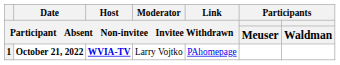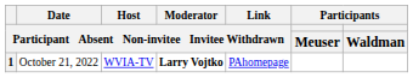 <table class="wikitable" style="text-align:center;">
 <tr style="font-size:small;">
 <th scope="col"></th>
 <th scope="col">Date</th>
 <th scope="col">Host</th>
 <th scope="col">Moderator</th>
 <th scope="col">Link</th>
 <th scope="col" colspan="5">Participants</th>
 </tr>
 <tr>
 <th colspan="5" rowspan="2"> <small>Participant  </small> <small>Absent  </small> <small>Non-invitee  </small> <small>Invitee Withdrawn</small></th>
 <th scope="col" style="background:"></th>
 <th scope="col" style="background:"></th>
 </tr>
 <tr>
 <th scope="col">Meuser</th>
 <th scope="col">Waldman</th>
 </tr>
 <tr style="background:#fff; font-size:small;">
 <th scope="row">1</th>
-<td style="white-space:nowrap;"><strong>October 21, 2022</strong></td>
-<td style="white-space:nowrap;"><strong><a href='#'>WVIA-TV</a></strong></td>
-<td style="white-space:nowrap;">Larry Vojtko</td>
+<td style="white-space:nowrap;">October 21, 2022</td>
+<td style="white-space:nowrap;"><a href='#'>WVIA-TV</a></td>
+<td style="white-space:nowrap;"><strong>Larry Vojtko</strong></td>
 <td style="white-space:nowrap;"><a href='#'>PAhomepage</a></td>
 <td></td>
 <td></td>
 </tr>
 </table>
